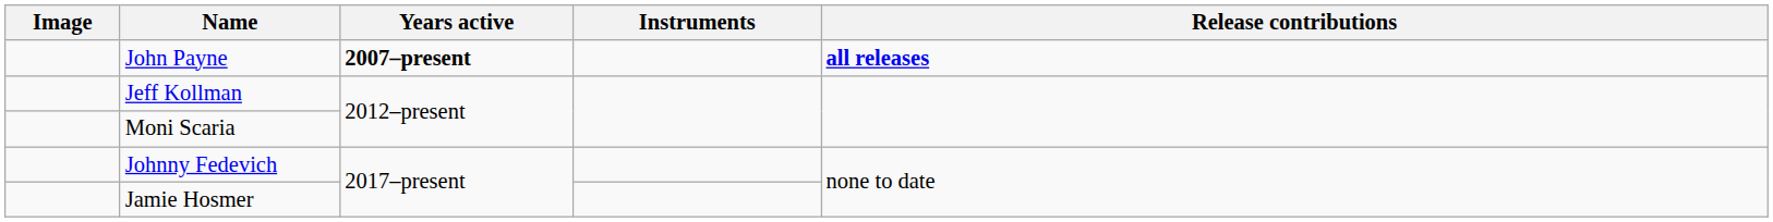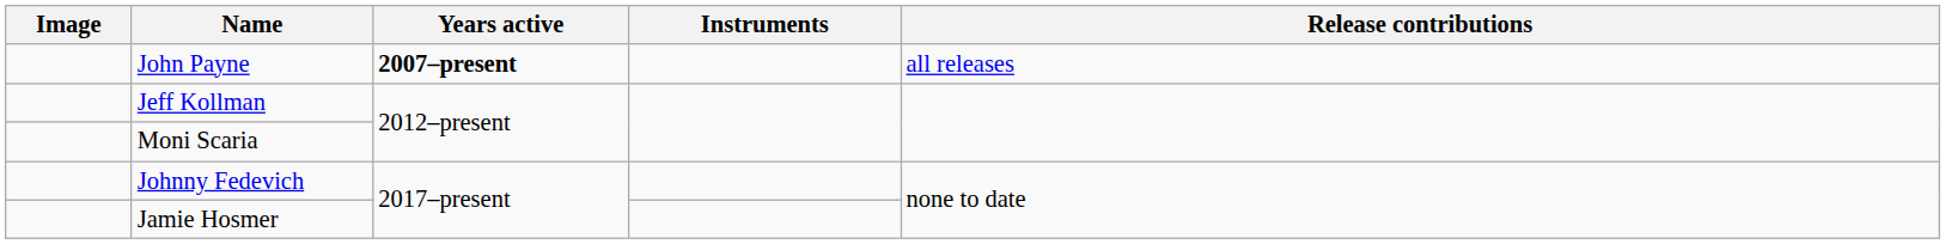 <table class="wikitable" width="100%" border="1">
 <tr>
 <th width="75">Image</th>
 <th width="150">Name</th>
 <th width="160">Years active</th>
 <th width="170">Instruments</th>
 <th>Release contributions</th>
 </tr>
 <tr>
 <td></td>
 <td><a href='#'>John Payne</a></td>
 <td><strong>2007–present</strong></td>
 <td></td>
-<td><strong><a href='#'>all releases</a></strong></td>
+<td><a href='#'>all releases</a></td>
 </tr>
 <tr>
 <td></td>
 <td><a href='#'>Jeff Kollman</a></td>
 <td rowspan="2">2012–present</td>
 <td rowspan="2"></td>
 <td rowspan="2"></td>
 </tr>
 <tr>
 <td></td>
 <td>Moni Scaria</td>
 </tr>
 <tr>
 <td></td>
 <td><a href='#'>Johnny Fedevich</a></td>
 <td rowspan="2">2017–present</td>
 <td></td>
 <td rowspan="2">none to date</td>
 </tr>
 <tr>
 <td></td>
 <td>Jamie Hosmer</td>
 <td></td>
 </tr>
 </table>
